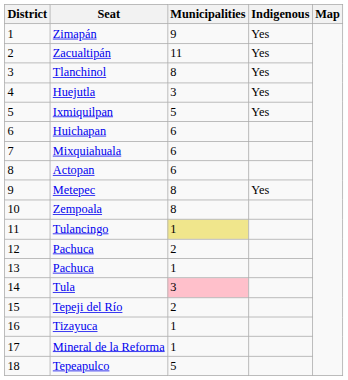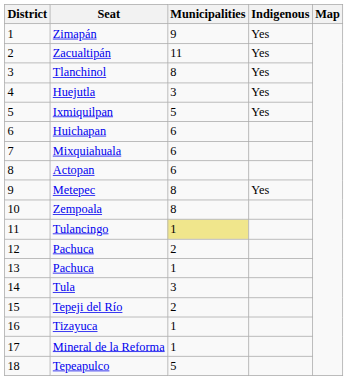 <table class="wikitable col1cen" style="margin:auto">
 <tr>
 <th>District</th>
 <th>Seat</th>
 <th>Municipalities</th>
 <th>Indigenous</th>
 <th>Map</th>
 </tr>
 <tr>
 <td>1</td>
 <td><a href='#'>Zimapán</a></td>
 <td>9</td>
 <td>Yes</td>
 <td rowspan="18"></td>
 </tr>
 <tr>
 <td>2</td>
 <td><a href='#'>Zacualtipán</a></td>
 <td>11</td>
 <td>Yes</td>
 </tr>
 <tr>
 <td>3</td>
 <td><a href='#'>Tlanchinol</a></td>
 <td>8</td>
 <td>Yes</td>
 </tr>
 <tr>
 <td>4</td>
 <td><a href='#'>Huejutla</a></td>
 <td>3</td>
 <td>Yes</td>
 </tr>
 <tr>
 <td>5</td>
 <td><a href='#'>Ixmiquilpan</a></td>
 <td>5</td>
 <td>Yes</td>
 </tr>
 <tr>
 <td>6</td>
 <td><a href='#'>Huichapan</a></td>
 <td>6</td>
 <td></td>
 </tr>
 <tr>
 <td>7</td>
 <td><a href='#'>Mixquiahuala</a></td>
 <td>6</td>
 <td></td>
 </tr>
 <tr>
 <td>8</td>
 <td><a href='#'>Actopan</a></td>
 <td>6</td>
 <td></td>
 </tr>
 <tr>
 <td>9</td>
 <td><a href='#'>Metepec</a></td>
 <td>8</td>
 <td>Yes</td>
 </tr>
 <tr>
 <td>10</td>
 <td><a href='#'>Zempoala</a></td>
 <td>8</td>
 <td></td>
 </tr>
 <tr>
 <td>11</td>
 <td><a href='#'>Tulancingo</a></td>
 <td style="background: khaki;">1</td>
 <td></td>
 </tr>
 <tr>
 <td>12</td>
 <td><a href='#'>Pachuca</a></td>
 <td>2</td>
 <td></td>
 </tr>
 <tr>
 <td>13</td>
 <td><a href='#'>Pachuca</a></td>
 <td>1</td>
 <td></td>
 </tr>
 <tr>
 <td>14</td>
 <td><a href='#'>Tula</a></td>
-<td style="background: pink;">3</td>
+<td>3</td>
 <td></td>
 </tr>
 <tr>
 <td>15</td>
 <td><a href='#'>Tepeji del Río</a></td>
 <td>2</td>
 <td></td>
 </tr>
 <tr>
 <td>16</td>
 <td><a href='#'>Tizayuca</a></td>
 <td>1</td>
 <td></td>
 </tr>
 <tr>
 <td>17</td>
 <td><a href='#'>Mineral de la Reforma</a></td>
 <td>1</td>
 <td></td>
 </tr>
 <tr>
 <td>18</td>
 <td><a href='#'>Tepeapulco</a></td>
 <td>5</td>
 <td></td>
 </tr>
 </table>
